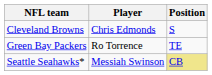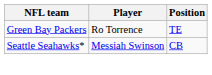 <table class="wikitable">
 <tr>
 <th style="text-align:center; ">NFL team</th>
 <th style="text-align:center; ">Player</th>
 <th style="text-align:center; ">Position</th>
-</tr>
-<tr>
-<td><a href='#'>Cleveland Browns</a></td>
-<td><a href='#'>Chris Edmonds</a></td>
-<td><a href='#'>S</a></td>
 </tr>
 <tr>
 <td><a href='#'>Green Bay Packers</a></td>
 <td>Ro Torrence</td>
 <td><a href='#'>TE</a></td>
 </tr>
 <tr>
 <td><a href='#'>Seattle Seahawks</a>*</td>
 <td><a href='#'>Messiah Swinson</a></td>
-<td style="background: khaki;"><a href='#'>CB</a></td>
+<td><a href='#'>CB</a></td>
 </tr>
 </table>
